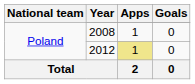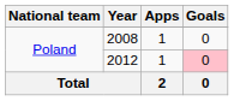 <table class="wikitable" style="text-align:center">
 <tr>
 <th>National team</th>
 <th>Year</th>
 <th>Apps</th>
 <th>Goals</th>
 </tr>
 <tr>
 <td rowspan=3><a href='#'>Poland</a></td>
 </tr>
 <tr>
 <td>2008</td>
 <td>1</td>
 <td>0</td>
 </tr>
 <tr>
 <td>2012</td>
-<td style="background: khaki;">1</td>
-<td>0</td>
+<td>1</td>
+<td style="background: pink;">0</td>
 </tr>
 <tr>
 <th colspan="2">Total</th>
 <th>2</th>
 <th>0</th>
 </tr>
 </table>
